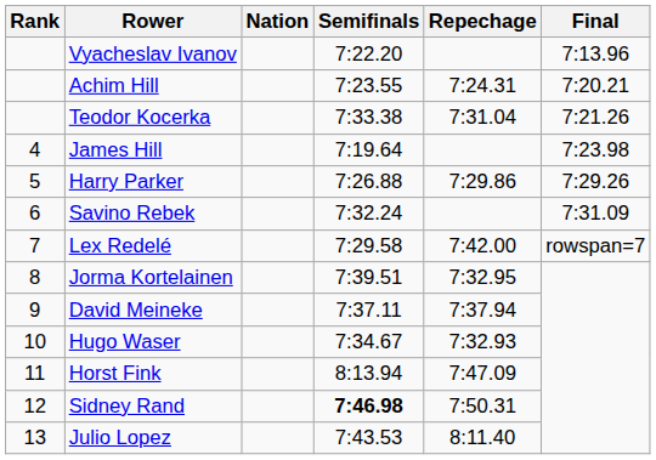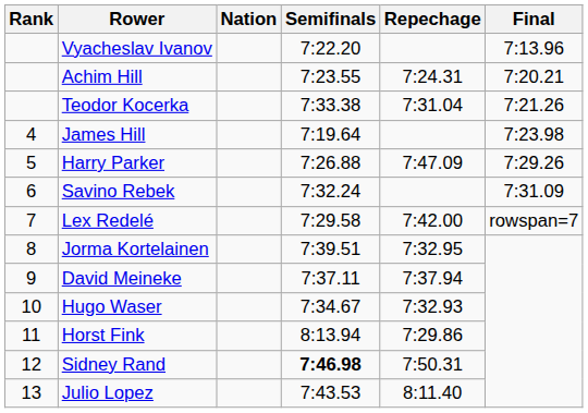 <table class="wikitable sortable" style="text-align:center">
 <tr>
 <th>Rank</th>
 <th>Rower</th>
 <th>Nation</th>
 <th>Semifinals</th>
 <th>Repechage</th>
 <th>Final</th>
 </tr>
 <tr>
 <td></td>
 <td align=left><a href='#'>Vyacheslav Ivanov</a></td>
 <td align=left></td>
 <td>7:22.20</td>
 <td></td>
 <td>7:13.96</td>
 </tr>
 <tr>
 <td></td>
 <td align=left><a href='#'>Achim Hill</a></td>
 <td align=left></td>
 <td>7:23.55</td>
 <td>7:24.31</td>
 <td>7:20.21</td>
 </tr>
 <tr>
 <td></td>
 <td align=left><a href='#'>Teodor Kocerka</a></td>
 <td align=left></td>
 <td>7:33.38</td>
 <td>7:31.04</td>
 <td>7:21.26</td>
 </tr>
 <tr>
 <td>4</td>
 <td align=left><a href='#'>James Hill</a></td>
 <td align=left></td>
 <td>7:19.64</td>
 <td></td>
 <td>7:23.98</td>
 </tr>
 <tr>
 <td>5</td>
 <td align=left><a href='#'>Harry Parker</a></td>
 <td align=left></td>
 <td>7:26.88</td>
-<td>7:29.86</td>
+<td>7:47.09</td>
 <td>7:29.26</td>
 </tr>
 <tr>
 <td>6</td>
 <td align=left><a href='#'>Savino Rebek</a></td>
 <td align=left></td>
 <td>7:32.24</td>
 <td></td>
 <td>7:31.09</td>
 </tr>
 <tr>
 <td>7</td>
 <td align=left><a href='#'>Lex Redelé</a></td>
 <td align=left></td>
 <td>7:29.58</td>
 <td>7:42.00</td>
 <td>rowspan=7 </td>
 </tr>
 <tr>
 <td>8</td>
 <td align=left><a href='#'>Jorma Kortelainen</a></td>
 <td align=left></td>
 <td>7:39.51</td>
 <td>7:32.95</td>
 </tr>
 <tr>
 <td>9</td>
 <td align=left><a href='#'>David Meineke</a></td>
 <td align=left></td>
 <td>7:37.11</td>
 <td>7:37.94</td>
 </tr>
 <tr>
 <td>10</td>
 <td align=left><a href='#'>Hugo Waser</a></td>
 <td align=left></td>
 <td>7:34.67</td>
 <td>7:32.93</td>
 </tr>
 <tr>
 <td>11</td>
 <td align=left><a href='#'>Horst Fink</a></td>
 <td align=left></td>
 <td>8:13.94</td>
-<td>7:47.09</td>
+<td>7:29.86</td>
 </tr>
 <tr>
 <td>12</td>
 <td align=left><a href='#'>Sidney Rand</a></td>
 <td align=left></td>
 <td><strong>7:46.98</strong></td>
 <td>7:50.31</td>
 </tr>
 <tr>
 <td>13</td>
 <td align=left><a href='#'>Julio Lopez</a></td>
 <td align=left></td>
 <td>7:43.53</td>
 <td>8:11.40</td>
 </tr>
 </table>
